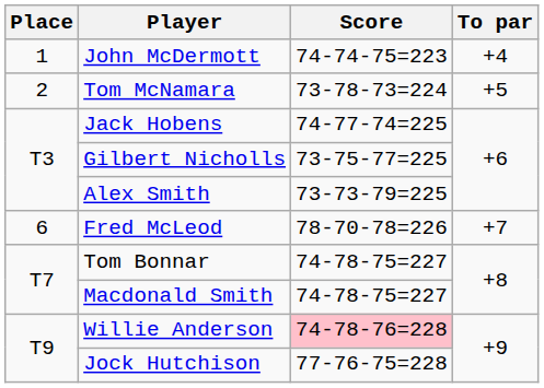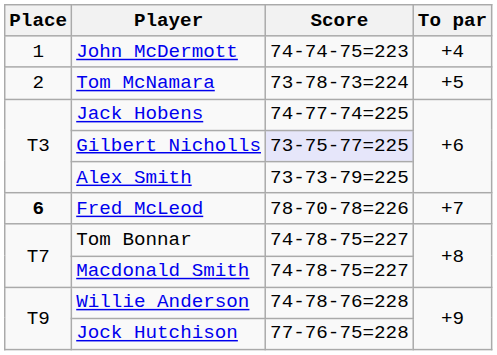 <table class=wikitable>
 <tr>
 <th>Place</th>
 <th>Player</th>
 <th>Score</th>
 <th>To par</th>
 </tr>
 <tr>
 <td align=center>1</td>
 <td> <a href='#'>John McDermott</a></td>
 <td>74-74-75=223</td>
 <td align=center>+4</td>
 </tr>
 <tr>
 <td align=center>2</td>
 <td> <a href='#'>Tom McNamara</a></td>
 <td>73-78-73=224</td>
 <td align=center>+5</td>
 </tr>
 <tr>
 <td align=center rowspan=3>T3</td>
 <td> <a href='#'>Jack Hobens</a></td>
 <td>74-77-74=225</td>
 <td rowspan=3 align=center>+6</td>
 </tr>
 <tr>
 <td> <a href='#'>Gilbert Nicholls</a></td>
-<td>73-75-77=225</td>
+<td style="background: lavender;">73-75-77=225</td>
 </tr>
 <tr>
 <td> <a href='#'>Alex Smith</a></td>
 <td>73-73-79=225</td>
 </tr>
 <tr>
-<td align=center>6</td>
+<td align=center><strong>6</strong></td>
 <td> <a href='#'>Fred McLeod</a></td>
 <td>78-70-78=226</td>
 <td align=center>+7</td>
 </tr>
 <tr>
 <td align=center rowspan=2>T7</td>
 <td>Tom Bonnar</td>
 <td>74-78-75=227</td>
 <td rowspan=2 align=center>+8</td>
 </tr>
 <tr>
 <td> <a href='#'>Macdonald Smith</a></td>
 <td>74-78-75=227</td>
 </tr>
 <tr>
 <td rowspan=2 align=center>T9</td>
 <td> <a href='#'>Willie Anderson</a></td>
-<td style="background: pink;">74-78-76=228</td>
+<td>74-78-76=228</td>
 <td rowspan=2 align=center>+9</td>
 </tr>
 <tr>
 <td> <a href='#'>Jock Hutchison</a></td>
 <td>77-76-75=228</td>
 </tr>
 </table>
